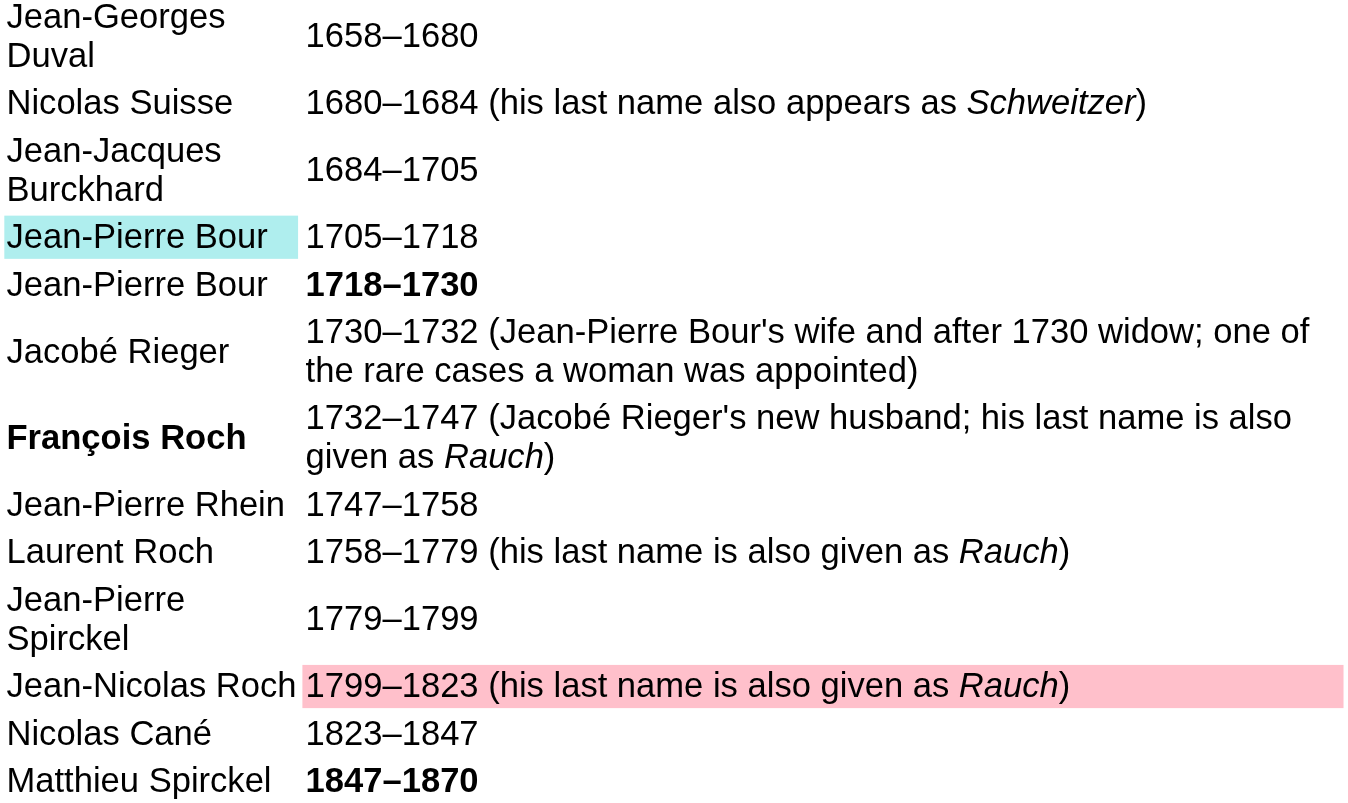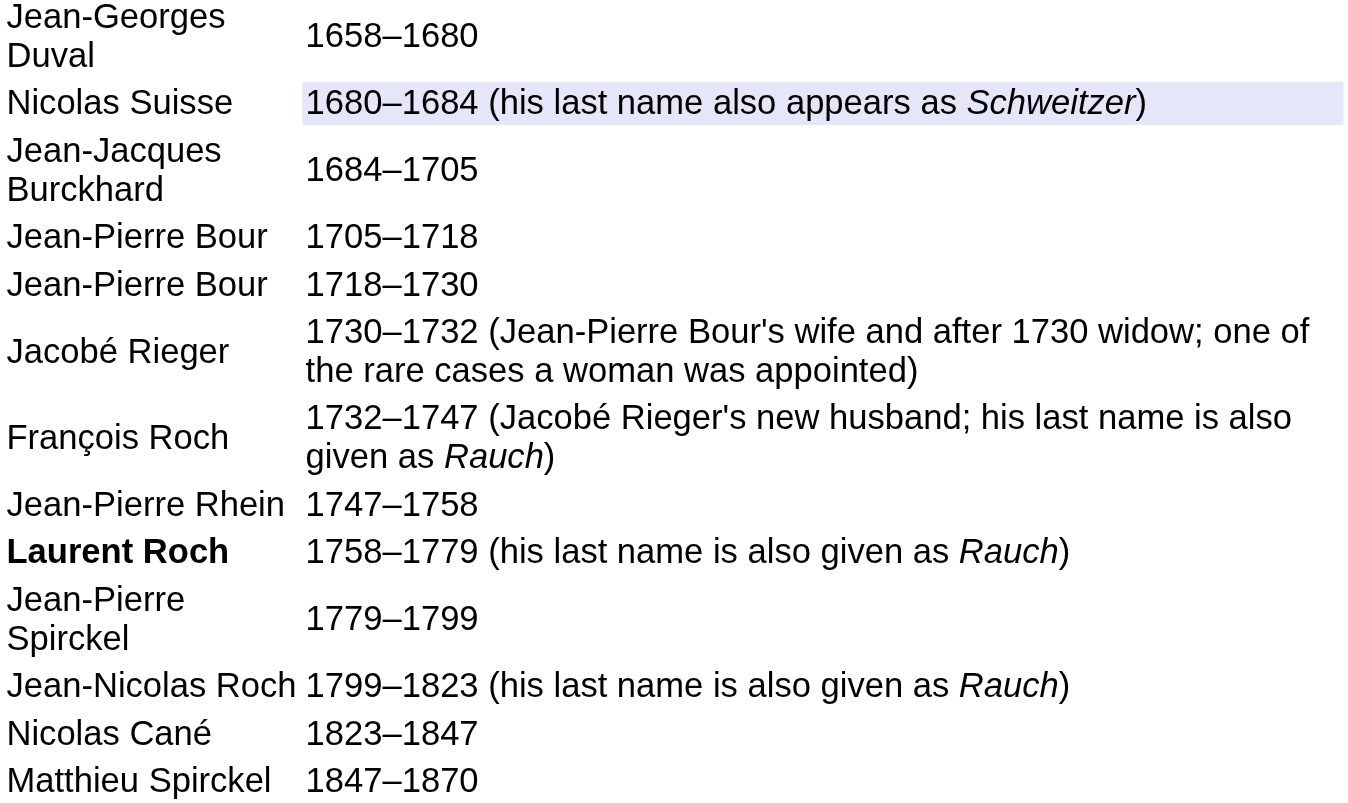 <table>
 <tr>
 <td>Jean-Georges Duval</td>
 <td>1658–1680</td>
 </tr>
 <tr>
 <td>Nicolas Suisse</td>
-<td>1680–1684 (his last name also appears as <em>Schweitzer</em>)</td>
+<td style="background: lavender;">1680–1684 (his last name also appears as <em>Schweitzer</em>)</td>
 </tr>
 <tr>
 <td>Jean-Jacques Burckhard</td>
 <td>1684–1705</td>
 </tr>
 <tr>
-<td style="background: paleturquoise;">Jean-Pierre Bour</td>
+<td>Jean-Pierre Bour</td>
 <td>1705–1718</td>
 </tr>
 <tr>
 <td>Jean-Pierre Bour</td>
-<td><strong>1718–1730</strong></td>
+<td>1718–1730</td>
 </tr>
 <tr>
 <td>Jacobé Rieger</td>
 <td>1730–1732 (Jean-Pierre Bour's wife and after 1730 widow; one of the rare cases a woman was appointed)</td>
 </tr>
 <tr>
-<td><strong>François Roch</strong></td>
+<td>François Roch</td>
 <td>1732–1747 (Jacobé Rieger's new husband; his last name is also given as <em>Rauch</em>)</td>
 </tr>
 <tr>
 <td>Jean-Pierre Rhein</td>
 <td>1747–1758</td>
 </tr>
 <tr>
-<td>Laurent Roch</td>
+<td><strong>Laurent Roch</strong></td>
 <td>1758–1779 (his last name is also given as <em>Rauch</em>)</td>
 </tr>
 <tr>
 <td>Jean-Pierre Spirckel</td>
 <td>1779–1799</td>
 </tr>
 <tr>
 <td>Jean-Nicolas Roch</td>
-<td style="background: pink;">1799–1823 (his last name is also given as <em>Rauch</em>)</td>
+<td>1799–1823 (his last name is also given as <em>Rauch</em>)</td>
 </tr>
 <tr>
 <td>Nicolas Cané</td>
 <td>1823–1847</td>
 </tr>
 <tr>
 <td>Matthieu Spirckel</td>
-<td><strong>1847–1870</strong></td>
+<td>1847–1870</td>
 </tr>
 </table>
